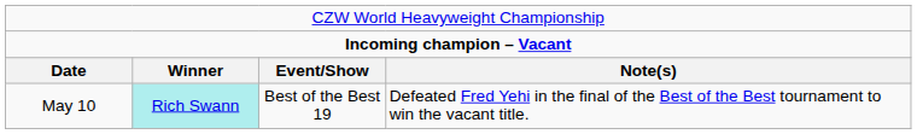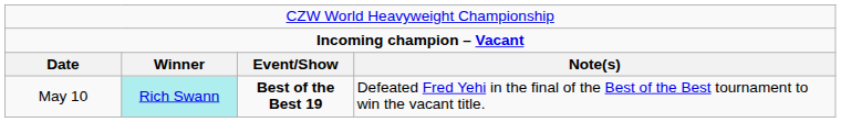 <table class="wikitable" style="text-align:center; width:100%;">
 <tr>
 <td colspan="5" style="text-align: center;"><a href='#'>CZW World Heavyweight Championship</a></td>
 </tr>
 <tr>
 <td colspan="5" style="text-align: center;"><strong>Incoming champion – <a href='#'>Vacant</a></strong></td>
 </tr>
 <tr>
 <th width=14%>Date</th>
 <th width=14%>Winner</th>
 <th width=14%>Event/Show</th>
 <th width=58%>Note(s)</th>
 </tr>
 <tr>
 <td>May 10</td>
 <td style="background: paleturquoise;"><a href='#'>Rich Swann</a></td>
-<td>Best of the Best 19</td>
+<td><strong>Best of the Best 19</strong></td>
 <td align=left>Defeated <a href='#'>Fred Yehi</a> in the final of the <a href='#'>Best of the Best</a> tournament to win the vacant title.</td>
 </tr>
 </table>
